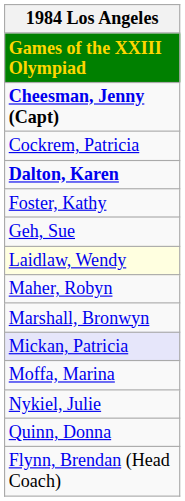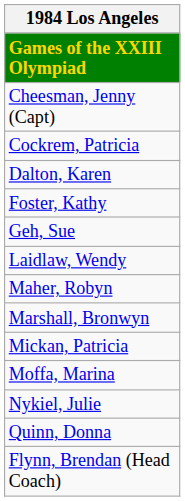 <table class="wikitable collapsible autocollapse" width=25%>
 <tr>
 <th>1984 Los Angeles</th>
 </tr>
 <tr>
 <td bgcolor=green style="color:gold; width:200px"><strong>Games of the XXIII Olympiad</strong></td>
 </tr>
 <tr>
-<td><strong><a href='#'>Cheesman, Jenny</a> (Capt)</strong></td>
+<td><a href='#'>Cheesman, Jenny</a> (Capt)</td>
 </tr>
 <tr>
 <td><a href='#'>Cockrem, Patricia</a></td>
 </tr>
 <tr>
-<td><strong><a href='#'>Dalton, Karen</a></strong></td>
+<td><a href='#'>Dalton, Karen</a></td>
 </tr>
 <tr>
 <td><a href='#'>Foster, Kathy</a></td>
 </tr>
 <tr>
 <td><a href='#'>Geh, Sue</a></td>
 </tr>
 <tr>
-<td style="background: lightyellow;"><a href='#'>Laidlaw, Wendy</a></td>
+<td><a href='#'>Laidlaw, Wendy</a></td>
 </tr>
 <tr>
 <td><a href='#'>Maher, Robyn</a></td>
 </tr>
 <tr>
 <td><a href='#'>Marshall, Bronwyn</a></td>
 </tr>
 <tr>
-<td style="background: lavender;"><a href='#'>Mickan, Patricia</a></td>
+<td><a href='#'>Mickan, Patricia</a></td>
 </tr>
 <tr>
 <td><a href='#'>Moffa, Marina</a></td>
 </tr>
 <tr>
 <td><a href='#'>Nykiel, Julie</a></td>
 </tr>
 <tr>
 <td><a href='#'>Quinn, Donna</a></td>
 </tr>
 <tr>
 <td><a href='#'>Flynn, Brendan</a> (Head Coach)</td>
 </tr>
 </table>
